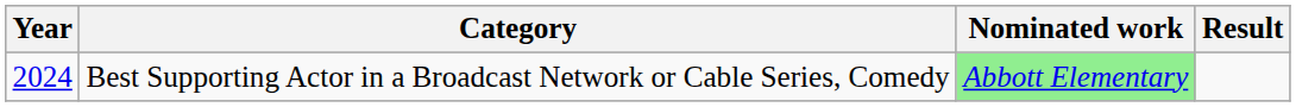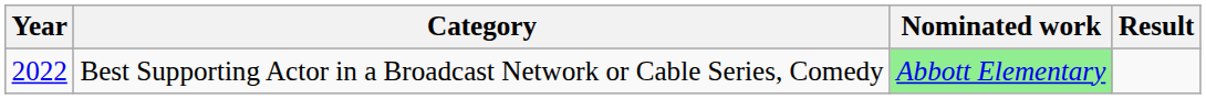 <table class="wikitable sortable">
 <tr>
 <th>Year</th>
 <th>Category</th>
 <th>Nominated work</th>
 <th>Result</th>
 </tr>
 <tr>
-<td><a href='#'>2024</a></td>
+<td><a href='#'>2022</a></td>
 <td>Best Supporting Actor in a Broadcast Network or Cable Series, Comedy</td>
 <td style="background: lightgreen;"><em><a href='#'>Abbott Elementary</a></em></td>
 <td></td>
 </tr>
 </table>
